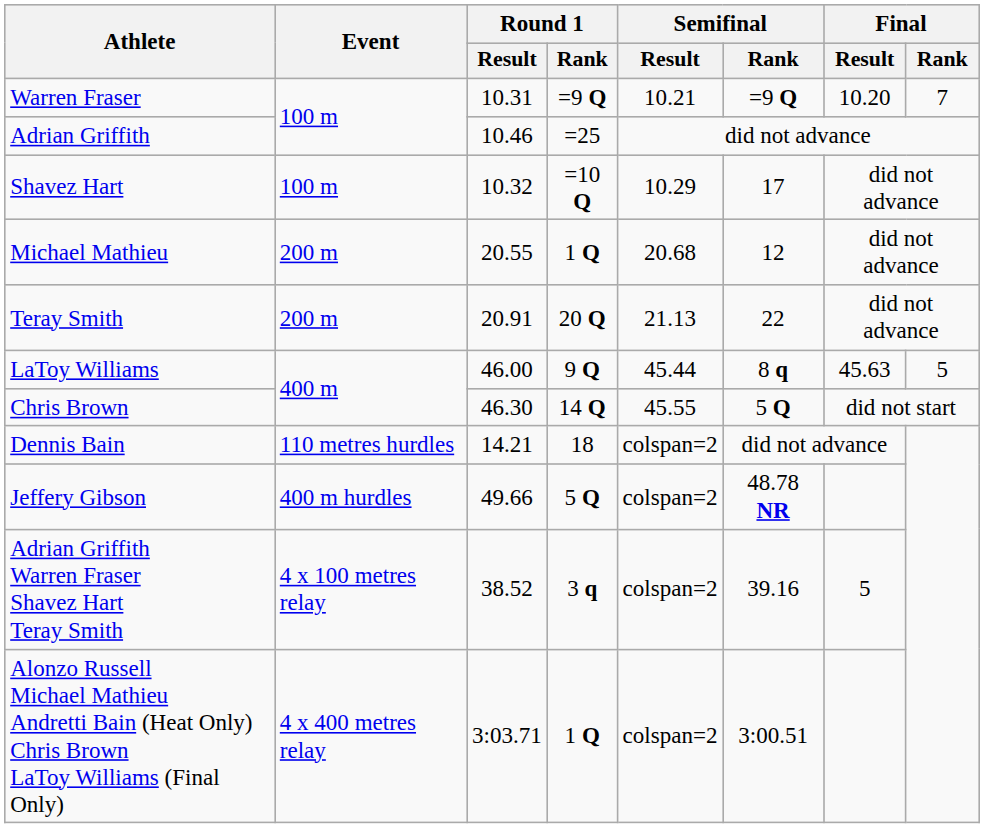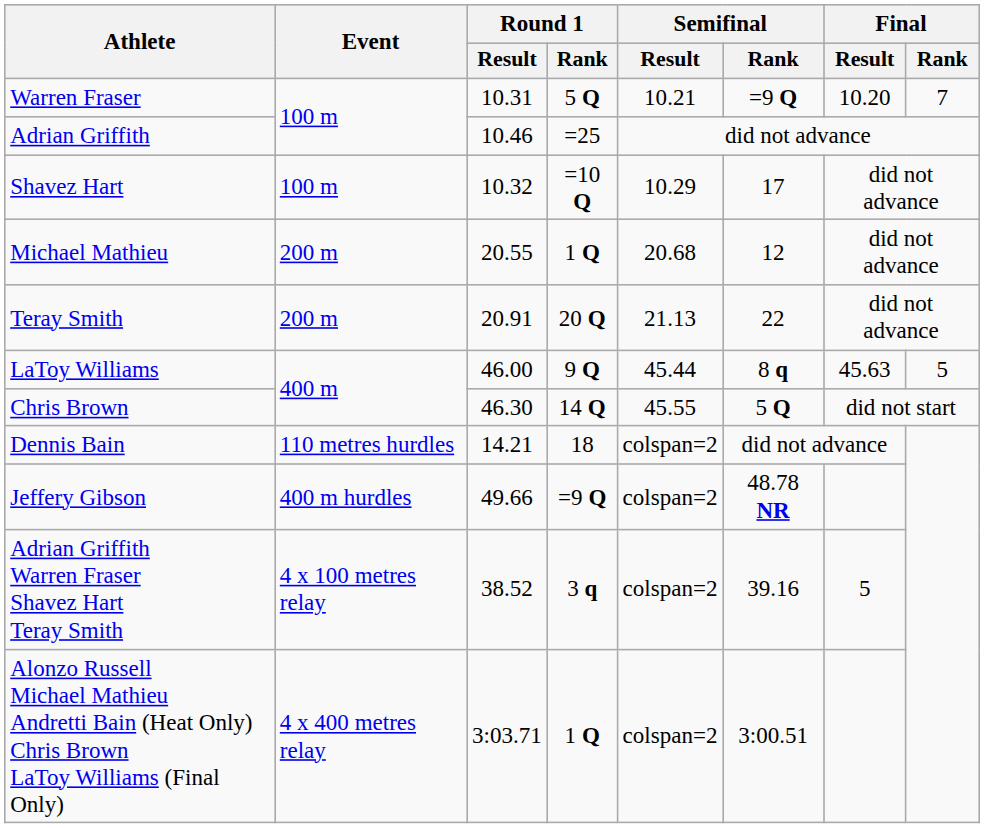 <table class=wikitable style="font-size:90%">
 <tr>
 <th rowspan="2">Athlete</th>
 <th rowspan="2">Event</th>
 <th colspan="2">Round 1</th>
 <th colspan="2">Semifinal</th>
 <th colspan="2">Final</th>
 </tr>
 <tr style="font-size:95%">
 <th>Result</th>
 <th>Rank</th>
 <th>Result</th>
 <th>Rank</th>
 <th>Result</th>
 <th>Rank</th>
 </tr>
 <tr align=center>
 <td align=left><a href='#'>Warren Fraser</a></td>
 <td align=left rowspan=2><a href='#'>100 m</a></td>
 <td>10.31</td>
-<td>=9 <strong>Q</strong></td>
+<td>5 <strong>Q</strong></td>
 <td>10.21</td>
 <td>=9 <strong>Q</strong></td>
 <td>10.20</td>
 <td>7</td>
 </tr>
 <tr align=center>
 <td align=left><a href='#'>Adrian Griffith</a></td>
 <td>10.46</td>
 <td>=25</td>
 <td colspan=4>did not advance</td>
 </tr>
 <tr align=center>
 <td align=left><a href='#'>Shavez Hart</a></td>
 <td align=left><a href='#'>100 m</a></td>
 <td>10.32</td>
 <td>=10 <strong>Q</strong></td>
 <td>10.29</td>
 <td>17</td>
 <td colspan=2>did not advance</td>
 </tr>
 <tr align=center>
 <td align=left><a href='#'>Michael Mathieu</a></td>
 <td align=left><a href='#'>200 m</a></td>
 <td>20.55</td>
 <td>1 <strong>Q</strong></td>
 <td>20.68</td>
 <td>12</td>
 <td colspan=2>did not advance</td>
 </tr>
 <tr align=center>
 <td align=left><a href='#'>Teray Smith</a></td>
 <td align=left><a href='#'>200 m</a></td>
 <td>20.91</td>
 <td>20 <strong>Q</strong></td>
 <td>21.13</td>
 <td>22</td>
 <td colspan=2>did not advance</td>
 </tr>
 <tr align=center>
 <td align=left><a href='#'>LaToy Williams</a></td>
 <td align=left rowspan=2><a href='#'>400 m</a></td>
 <td>46.00</td>
 <td>9 <strong>Q</strong></td>
 <td>45.44</td>
 <td>8 <strong>q</strong></td>
 <td>45.63</td>
 <td>5</td>
 </tr>
 <tr align=center>
 <td align=left><a href='#'>Chris Brown</a></td>
 <td>46.30</td>
 <td>14 <strong>Q</strong></td>
 <td>45.55</td>
 <td>5 <strong>Q</strong></td>
 <td colspan=2>did not start</td>
 </tr>
 <tr align=center>
 <td align=left><a href='#'>Dennis Bain</a></td>
 <td align=left><a href='#'>110 metres hurdles</a></td>
 <td>14.21</td>
 <td>18</td>
 <td>colspan=2 </td>
 <td colspan="2">did not advance</td>
 </tr>
 <tr align=center>
 <td align=left><a href='#'>Jeffery Gibson</a></td>
 <td align=left><a href='#'>400 m hurdles</a></td>
 <td>49.66</td>
-<td>5 <strong>Q</strong></td>
+<td>=9 <strong>Q</strong></td>
 <td>colspan=2 </td>
 <td>48.78 <strong><a href='#'>NR</a></strong></td>
 <td></td>
 </tr>
 <tr align=center>
 <td align=left><a href='#'>Adrian Griffith</a><br><a href='#'>Warren Fraser</a><br><a href='#'>Shavez Hart</a><br><a href='#'>Teray Smith</a></td>
 <td align=left><a href='#'>4 x 100 metres relay</a></td>
 <td>38.52</td>
 <td>3 <strong>q</strong></td>
 <td>colspan=2 </td>
 <td>39.16</td>
 <td>5</td>
 </tr>
 <tr align=center>
 <td align=left><a href='#'>Alonzo Russell</a><br><a href='#'>Michael Mathieu</a> <br><a href='#'>Andretti Bain</a> (Heat Only)<br><a href='#'>Chris Brown</a> <br><a href='#'>LaToy Williams</a> (Final Only)</td>
 <td align=left><a href='#'>4 x 400 metres relay</a></td>
 <td>3:03.71</td>
 <td>1 <strong>Q</strong></td>
 <td>colspan=2 </td>
 <td>3:00.51</td>
 <td></td>
 </tr>
 </table>
